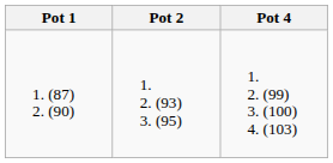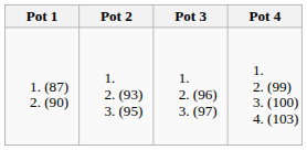 <table class="wikitable">
 <tr>
 <th width=25%>Pot 1</th>
 <th width=25%>Pot 2</th>
+<th width=25%>Pot 3</th>
 <th width=25%>Pot 4</th>
 </tr>
 <tr>
 <td><br><ol><li> (87)</li><li> (90)</li></ol></td>
 <td><br><ol><li><li>  (93)</li><li> (95)</li></ol></td>
+<td><br><ol><li><li> (96)</li><li> (97)</li></ol></td>
 <td><br><ol><li><li>  (99)</li><li> (100)</li><li> (103)</li></ol></td>
 </tr>
 </table>
